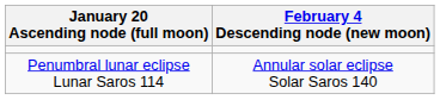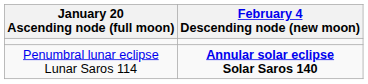 <table class="wikitable">
 <tr>
 <th>January 20<br>Ascending node (full moon)<br></th>
 <th><a href='#'>February 4</a><br>Descending node (new moon)<br></th>
 </tr>
 <tr>
 <td></td>
 <td></td>
 </tr>
 <tr align=center>
 <td><a href='#'>Penumbral lunar eclipse</a><br>Lunar Saros 114</td>
-<td><a href='#'>Annular solar eclipse</a><br>Solar Saros 140</td>
+<td><strong><a href='#'>Annular solar eclipse</a><br>Solar Saros 140</strong></td>
 </tr>
 </table>
